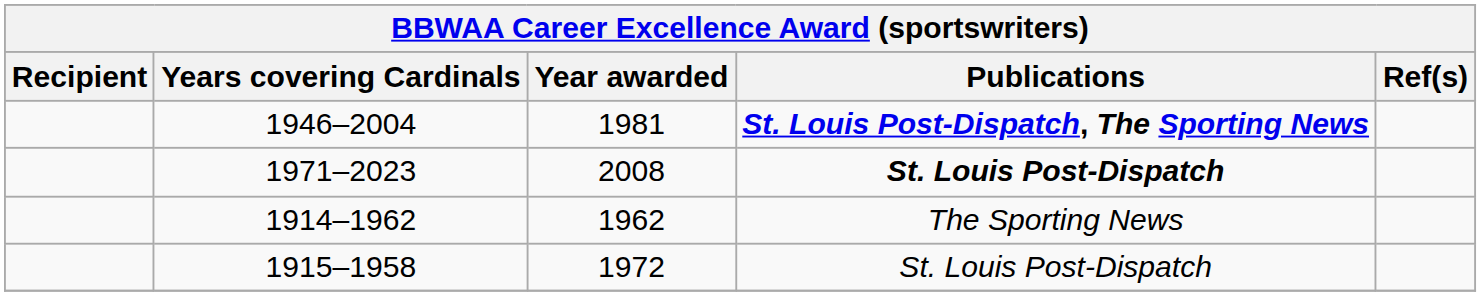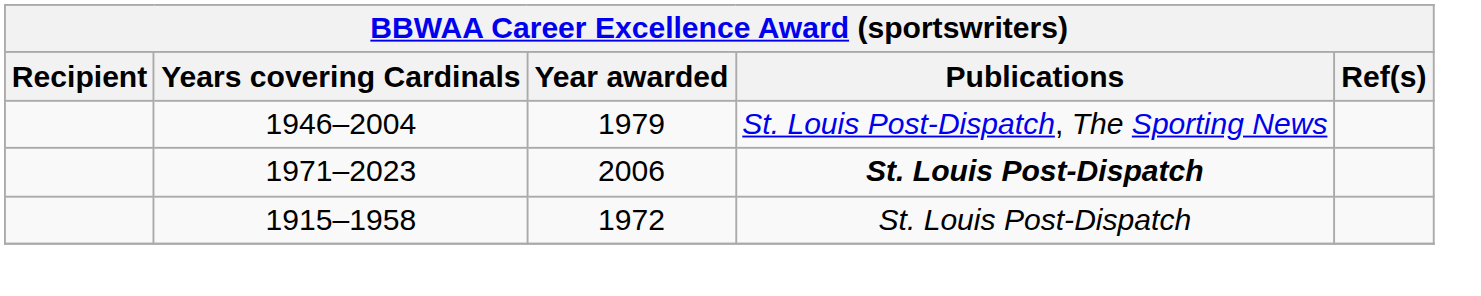 <table class="wikitable sortable" style="text-align:center">
 <tr>
 <th colspan=5><strong><a href='#'><span>BBWAA Career Excellence Award</span></a> (sportswriters)</strong></th>
 </tr>
 <tr>
 <th scope="col">Recipient</th>
 <th scope="col">Years covering Cardinals</th>
 <th scope="col">Year awarded</th>
 <th scope="col">Publications</th>
 <th scope="col">Ref(s)</th>
 </tr>
 <tr>
 <td align="center"></td>
 <td>1946–2004</td>
-<td>1981</td>
-<td><strong><em><a href='#'>St. Louis Post-Dispatch</a></em>, <em>The <a href='#'>Sporting News</a></em></strong></td>
+<td>1979</td>
+<td><em><a href='#'>St. Louis Post-Dispatch</a></em>, <em>The <a href='#'>Sporting News</a></em></td>
 <td></td>
 </tr>
 <tr>
 <td align="center"></td>
 <td>1971–2023</td>
-<td>2008</td>
+<td>2006</td>
 <td><strong><em>St. Louis Post-Dispatch</em></strong></td>
-<td></td>
-</tr>
-<tr>
-<td align="center"></td>
-<td>1914–1962</td>
-<td>1962</td>
-<td><em>The Sporting News</em></td>
 <td></td>
 </tr>
 <tr>
 <td align="center"></td>
 <td>1915–1958</td>
 <td>1972</td>
 <td><em>St. Louis Post-Dispatch</em></td>
 <td></td>
 </tr>
 <tr>
 </tr>
 </table>
